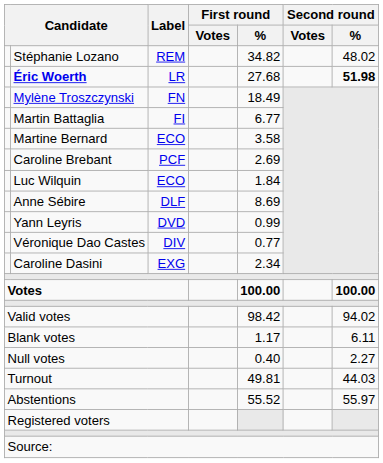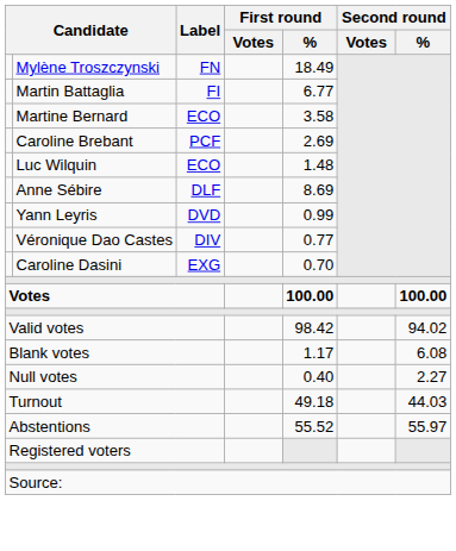 <table class="wikitable" style="text-align:right;font-size:95%;">
 <tr>
 <th rowspan="2" colspan="2">Candidate</th>
 <th rowspan="2">Label</th>
 <th colspan="2">First round</th>
 <th colspan="2">Second round</th>
 </tr>
 <tr>
 <th style="width:50px;">Votes</th>
 <th style="width:45px;">%</th>
 <th style="width:50px;">Votes</th>
 <th style="width:45px;">%</th>
-</tr>
-<tr>
-<td style="color:inherit;background:"></td>
-<td style="text-align:left;">Stéphanie Lozano</td>
-<td><a href='#'>REM</a></td>
-<td></td>
-<td>34.82</td>
-<td></td>
-<td>48.02</td>
-</tr>
-<tr>
-<td style="color:inherit;background:"></td>
-<td style="text-align:left;"><strong><a href='#'>Éric Woerth</a></strong></td>
-<td><a href='#'>LR</a></td>
-<td></td>
-<td>27.68</td>
-<td><strong></strong></td>
-<td><strong>51.98</strong></td>
 </tr>
 <tr>
 <td style="color:inherit;background:"></td>
 <td style="text-align:left;"><a href='#'>Mylène Troszczynski</a></td>
 <td><a href='#'>FN</a></td>
 <td></td>
 <td>18.49</td>
 <td colspan="2" rowspan="9" style="background:#E9E9E9;"></td>
 </tr>
 <tr>
 <td style="color:inherit;background:"></td>
 <td style="text-align:left;">Martin Battaglia</td>
 <td><a href='#'>FI</a></td>
 <td></td>
 <td>6.77</td>
 </tr>
 <tr>
 <td style="color:inherit;background:"></td>
 <td style="text-align:left;">Martine Bernard</td>
 <td><a href='#'>ECO</a></td>
 <td></td>
 <td>3.58</td>
 </tr>
 <tr>
 <td style="color:inherit;background:"></td>
 <td style="text-align:left;">Caroline Brebant</td>
 <td><a href='#'>PCF</a></td>
 <td></td>
 <td>2.69</td>
 </tr>
 <tr>
 <td style="color:inherit;background:"></td>
 <td style="text-align:left;">Luc Wilquin</td>
 <td><a href='#'>ECO</a></td>
 <td></td>
-<td>1.84</td>
+<td>1.48</td>
 </tr>
 <tr>
 <td style="color:inherit;background:"></td>
 <td style="text-align:left;">Anne Sébire</td>
 <td><a href='#'>DLF</a></td>
 <td></td>
 <td>8.69</td>
 </tr>
 <tr>
 <td style="color:inherit;background:"></td>
 <td style="text-align:left;">Yann Leyris</td>
 <td><a href='#'>DVD</a></td>
 <td></td>
 <td>0.99</td>
 </tr>
 <tr>
 <td style="color:inherit;background:"></td>
 <td style="text-align:left;">Véronique Dao Castes</td>
 <td><a href='#'>DIV</a></td>
 <td></td>
 <td>0.77</td>
 </tr>
 <tr>
 <td style="color:inherit;background:"></td>
 <td style="text-align:left;">Caroline Dasini</td>
 <td><a href='#'>EXG</a></td>
 <td></td>
-<td>2.34</td>
+<td>0.70</td>
 </tr>
 <tr>
 <td colspan="7" style="background:#E9E9E9;"></td>
 </tr>
 <tr style="font-weight:bold;">
 <td colspan="3" style="text-align:left;">Votes</td>
 <td></td>
 <td>100.00</td>
 <td></td>
 <td>100.00</td>
 </tr>
 <tr>
 <td colspan="7" style="background:#E9E9E9;"></td>
 </tr>
 <tr>
 <td colspan="3" style="text-align:left;">Valid votes</td>
 <td></td>
 <td>98.42</td>
 <td></td>
 <td>94.02</td>
 </tr>
 <tr>
 <td colspan="3" style="text-align:left;">Blank votes</td>
 <td></td>
 <td>1.17</td>
 <td></td>
-<td>6.11</td>
+<td>6.08</td>
 </tr>
 <tr>
 <td colspan="3" style="text-align:left;">Null votes</td>
 <td></td>
 <td>0.40</td>
 <td></td>
 <td>2.27</td>
 </tr>
 <tr>
 <td colspan="3" style="text-align:left;">Turnout</td>
 <td></td>
-<td>49.81</td>
+<td>49.18</td>
 <td></td>
 <td>44.03</td>
 </tr>
 <tr>
 <td colspan="3" style="text-align:left;">Abstentions</td>
 <td></td>
 <td>55.52</td>
 <td></td>
 <td>55.97</td>
 </tr>
 <tr>
 <td colspan="3" style="text-align:left;">Registered voters</td>
 <td></td>
 <td style="background:#E9E9E9;"></td>
 <td></td>
 <td style="background:#E9E9E9;"></td>
 </tr>
 <tr>
 <td colspan="7" style="background:#E9E9E9;"></td>
 </tr>
 <tr>
 <td colspan="7" style="text-align:left;">Source: </td>
 </tr>
 </table>
